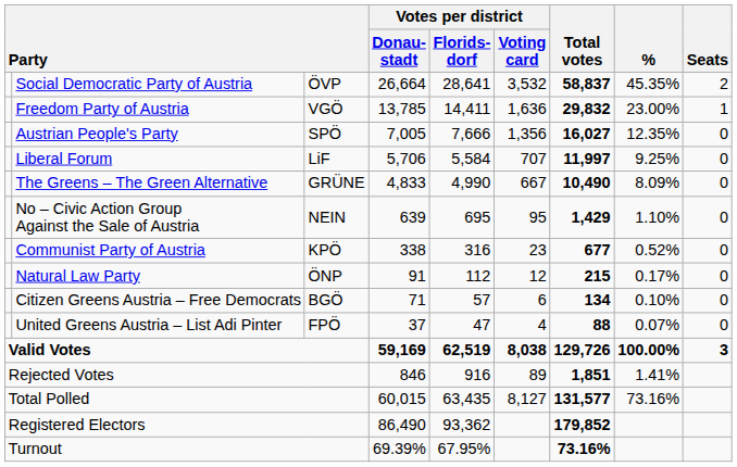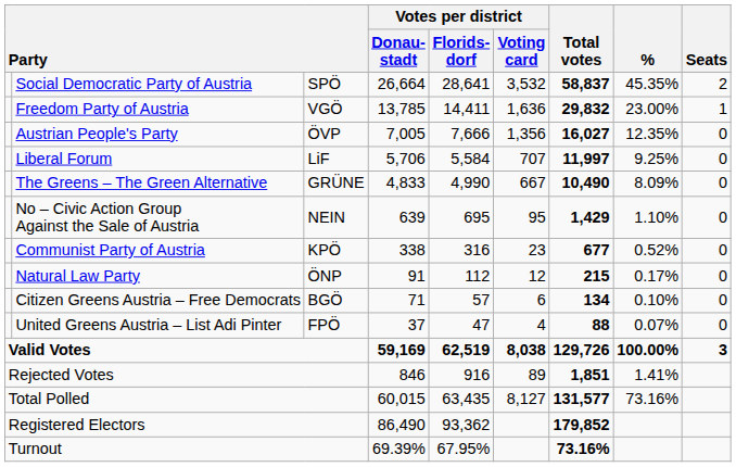 <table class="wikitable" border="1" style="text-align:right;">
 <tr>
 <th style="text-align:left;" valign=bottom rowspan=2 colspan=3>Party</th>
 <th colspan=3>Votes per district</th>
 <th align=center valign=bottom rowspan=2 width="50">Total<br>votes</th>
 <th align=center valign=bottom rowspan=2 width="50">%</th>
 <th align=center valign=bottom rowspan=2>Seats</th>
 </tr>
 <tr>
 <th align=center valign=bottom width="50"><a href='#'>Donau-<br>stadt</a></th>
 <th align=center valign=bottom width="50"><a href='#'>Florids-<br>dorf</a></th>
 <th align=center valign=bottom width="50"><a href='#'>Voting<br>card</a></th>
 </tr>
 <tr>
 <td></td>
 <td align=left><a href='#'>Social Democratic Party of Austria</a></td>
-<td align=left>ÖVP</td>
+<td align=left>SPÖ</td>
 <td>26,664</td>
 <td>28,641</td>
 <td>3,532</td>
 <td><strong>58,837</strong></td>
 <td>45.35%</td>
 <td>2</td>
 </tr>
 <tr>
 <td></td>
 <td align=left><a href='#'>Freedom Party of Austria</a></td>
 <td align=left>VGÖ</td>
 <td>13,785</td>
 <td>14,411</td>
 <td>1,636</td>
 <td><strong>29,832</strong></td>
 <td>23.00%</td>
 <td>1</td>
 </tr>
 <tr>
 <td></td>
 <td align=left><a href='#'>Austrian People's Party</a></td>
-<td align=left>SPÖ</td>
+<td align=left>ÖVP</td>
 <td>7,005</td>
 <td>7,666</td>
 <td>1,356</td>
 <td><strong>16,027</strong></td>
 <td>12.35%</td>
 <td>0</td>
 </tr>
 <tr>
 <td></td>
 <td align=left><a href='#'>Liberal Forum</a></td>
 <td align=left>LiF</td>
 <td>5,706</td>
 <td>5,584</td>
 <td>707</td>
 <td><strong>11,997</strong></td>
 <td>9.25%</td>
 <td>0</td>
 </tr>
 <tr>
 <td></td>
 <td align=left style="white-space: nowrap;"><a href='#'>The Greens – The Green Alternative</a></td>
 <td align=left>GRÜNE</td>
 <td>4,833</td>
 <td>4,990</td>
 <td>667</td>
 <td><strong>10,490</strong></td>
 <td>8.09%</td>
 <td>0</td>
 </tr>
 <tr>
 <td></td>
 <td align=left>No – Civic Action Group<br>Against the Sale of Austria</td>
 <td align=left>NEIN</td>
 <td>639</td>
 <td>695</td>
 <td>95</td>
 <td><strong>1,429</strong></td>
 <td>1.10%</td>
 <td>0</td>
 </tr>
 <tr>
 <td></td>
 <td align=left><a href='#'>Communist Party of Austria</a></td>
 <td align=left>KPÖ</td>
 <td>338</td>
 <td>316</td>
 <td>23</td>
 <td><strong>677</strong></td>
 <td>0.52%</td>
 <td>0</td>
 </tr>
 <tr>
 <td></td>
 <td align=left><a href='#'>Natural Law Party</a></td>
 <td align=left>ÖNP</td>
 <td>91</td>
 <td>112</td>
 <td>12</td>
 <td><strong>215</strong></td>
 <td>0.17%</td>
 <td>0</td>
 </tr>
 <tr>
 <td></td>
 <td align=left>Citizen Greens Austria – Free Democrats</td>
 <td align=left>BGÖ</td>
 <td>71</td>
 <td>57</td>
 <td>6</td>
 <td><strong>134</strong></td>
 <td>0.10%</td>
 <td>0</td>
 </tr>
 <tr>
 <td></td>
 <td align=left>United Greens Austria – List Adi Pinter</td>
 <td align=left>FPÖ</td>
 <td>37</td>
 <td>47</td>
 <td>4</td>
 <td><strong>88</strong></td>
 <td>0.07%</td>
 <td>0</td>
 </tr>
 <tr style="font-weight:bold">
 <td align=left colspan=3>Valid Votes</td>
 <td>59,169</td>
 <td>62,519</td>
 <td>8,038</td>
 <td>129,726</td>
 <td>100.00%</td>
 <td>3</td>
 </tr>
 <tr>
 <td align=left colspan=3>Rejected Votes</td>
 <td>846</td>
 <td>916</td>
 <td>89</td>
 <td><strong>1,851</strong></td>
 <td>1.41%</td>
 <td></td>
 </tr>
 <tr>
 <td align=left colspan=3>Total Polled</td>
 <td>60,015</td>
 <td>63,435</td>
 <td>8,127</td>
 <td><strong>131,577</strong></td>
 <td>73.16%</td>
 <td></td>
 </tr>
 <tr>
 <td align=left colspan=3>Registered Electors</td>
 <td>86,490</td>
 <td>93,362</td>
 <td></td>
 <td><strong>179,852</strong></td>
 <td></td>
 <td></td>
 </tr>
 <tr>
 <td align=left colspan=3>Turnout</td>
 <td>69.39%</td>
 <td>67.95%</td>
 <td></td>
 <td><strong>73.16%</strong></td>
 <td></td>
 <td></td>
 </tr>
 </table>
